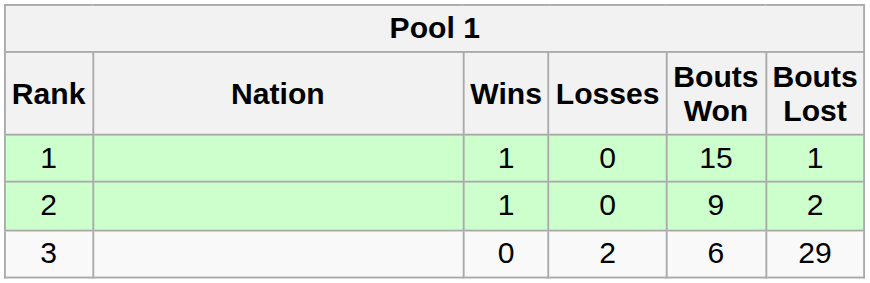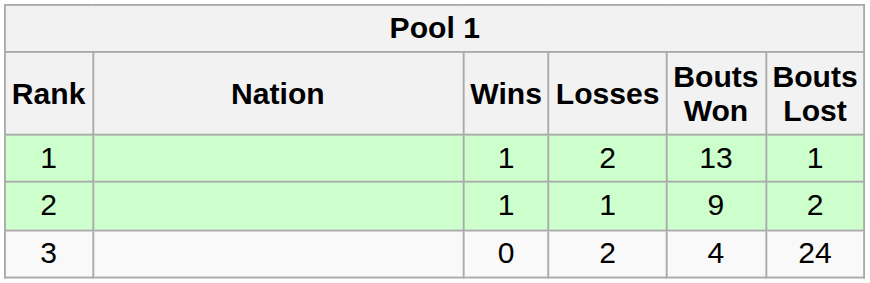 <table class="wikitable" style="text-align:center">
 <tr>
 <th colspan=6 align=center><strong>Pool 1</strong></th>
 </tr>
 <tr>
 <th width="20">Rank</th>
 <th width="190">Nation</th>
 <th width="20">Wins</th>
 <th width="20">Losses</th>
 <th width="20">Bouts Won</th>
 <th width="20">Bouts Lost</th>
 </tr>
 <tr bgcolor=ccffcc>
 <td>1</td>
 <td align=left></td>
 <td>1</td>
-<td>0</td>
-<td>15</td>
+<td>2</td>
+<td>13</td>
 <td>1</td>
 </tr>
 <tr bgcolor=ccffcc>
 <td>2</td>
 <td align=left></td>
 <td>1</td>
-<td>0</td>
+<td>1</td>
 <td>9</td>
 <td>2</td>
 </tr>
 <tr>
 <td>3</td>
 <td align=left></td>
 <td>0</td>
 <td>2</td>
-<td>6</td>
-<td>29</td>
+<td>4</td>
+<td>24</td>
 </tr>
 </table>
